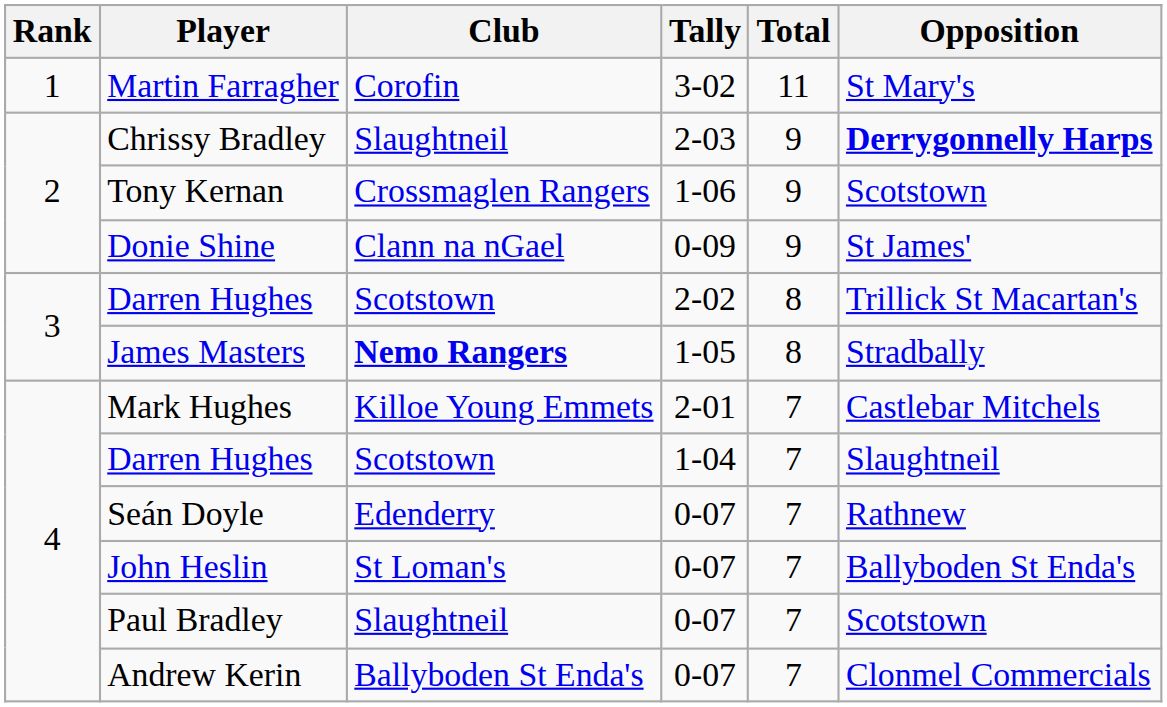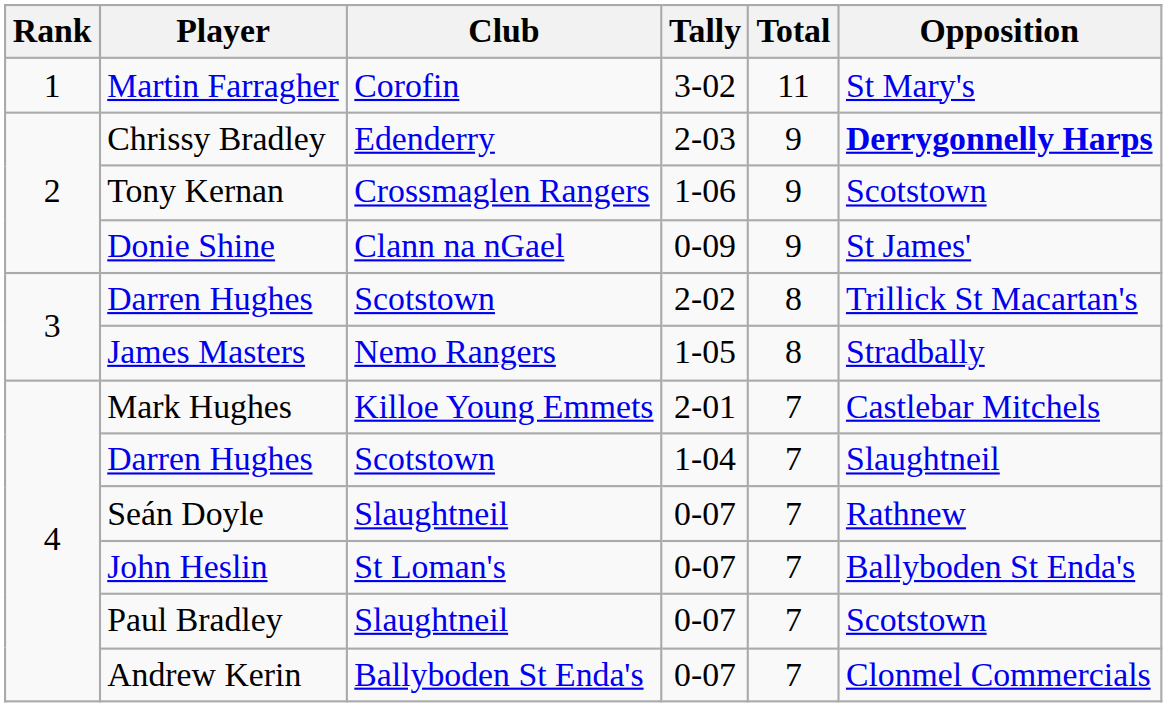 <table class="wikitable">
 <tr>
 <th>Rank</th>
 <th>Player</th>
 <th>Club</th>
 <th>Tally</th>
 <th>Total</th>
 <th>Opposition</th>
 </tr>
 <tr>
 <td rowspan="1" style="text-align:center;">1</td>
 <td><a href='#'>Martin Farragher</a></td>
 <td><a href='#'>Corofin</a></td>
 <td align=center>3-02</td>
 <td align=center>11</td>
 <td><a href='#'>St Mary's</a></td>
 </tr>
 <tr>
 <td rowspan="3" style="text-align:center;">2</td>
 <td>Chrissy Bradley</td>
-<td><a href='#'>Slaughtneil</a></td>
+<td><a href='#'>Edenderry</a></td>
 <td align=center>2-03</td>
 <td align=center>9</td>
 <td><strong><a href='#'>Derrygonnelly Harps</a></strong></td>
 </tr>
 <tr>
 <td>Tony Kernan</td>
 <td><a href='#'>Crossmaglen Rangers</a></td>
 <td align=center>1-06</td>
 <td align=center>9</td>
 <td><a href='#'>Scotstown</a></td>
 </tr>
 <tr>
 <td><a href='#'>Donie Shine</a></td>
 <td><a href='#'>Clann na nGael</a></td>
 <td align=center>0-09</td>
 <td align=center>9</td>
 <td><a href='#'>St James'</a></td>
 </tr>
 <tr>
 <td rowspan="2" style="text-align:center;">3</td>
 <td><a href='#'>Darren Hughes</a></td>
 <td><a href='#'>Scotstown</a></td>
 <td align=center>2-02</td>
 <td align=center>8</td>
 <td><a href='#'>Trillick St Macartan's</a></td>
 </tr>
 <tr>
 <td><a href='#'>James Masters</a></td>
-<td><strong><a href='#'>Nemo Rangers</a></strong></td>
+<td><a href='#'>Nemo Rangers</a></td>
 <td align=center>1-05</td>
 <td align=center>8</td>
 <td><a href='#'>Stradbally</a></td>
 </tr>
 <tr>
 <td rowspan="6" style="text-align:center;">4</td>
 <td>Mark Hughes</td>
 <td><a href='#'>Killoe Young Emmets</a></td>
 <td align=center>2-01</td>
 <td align=center>7</td>
 <td><a href='#'>Castlebar Mitchels</a></td>
 </tr>
 <tr>
 <td><a href='#'>Darren Hughes</a></td>
 <td><a href='#'>Scotstown</a></td>
 <td align=center>1-04</td>
 <td align=center>7</td>
 <td><a href='#'>Slaughtneil</a></td>
 </tr>
 <tr>
 <td>Seán Doyle</td>
-<td><a href='#'>Edenderry</a></td>
+<td><a href='#'>Slaughtneil</a></td>
 <td align=center>0-07</td>
 <td align=center>7</td>
 <td><a href='#'>Rathnew</a></td>
 </tr>
 <tr>
 <td><a href='#'>John Heslin</a></td>
 <td><a href='#'>St Loman's</a></td>
 <td align=center>0-07</td>
 <td align=center>7</td>
 <td><a href='#'>Ballyboden St Enda's</a></td>
 </tr>
 <tr>
 <td>Paul Bradley</td>
 <td><a href='#'>Slaughtneil</a></td>
 <td align=center>0-07</td>
 <td align=center>7</td>
 <td><a href='#'>Scotstown</a></td>
 </tr>
 <tr>
 <td>Andrew Kerin</td>
 <td><a href='#'>Ballyboden St Enda's</a></td>
 <td align=center>0-07</td>
 <td align=center>7</td>
 <td><a href='#'>Clonmel Commercials</a></td>
 </tr>
 </table>
